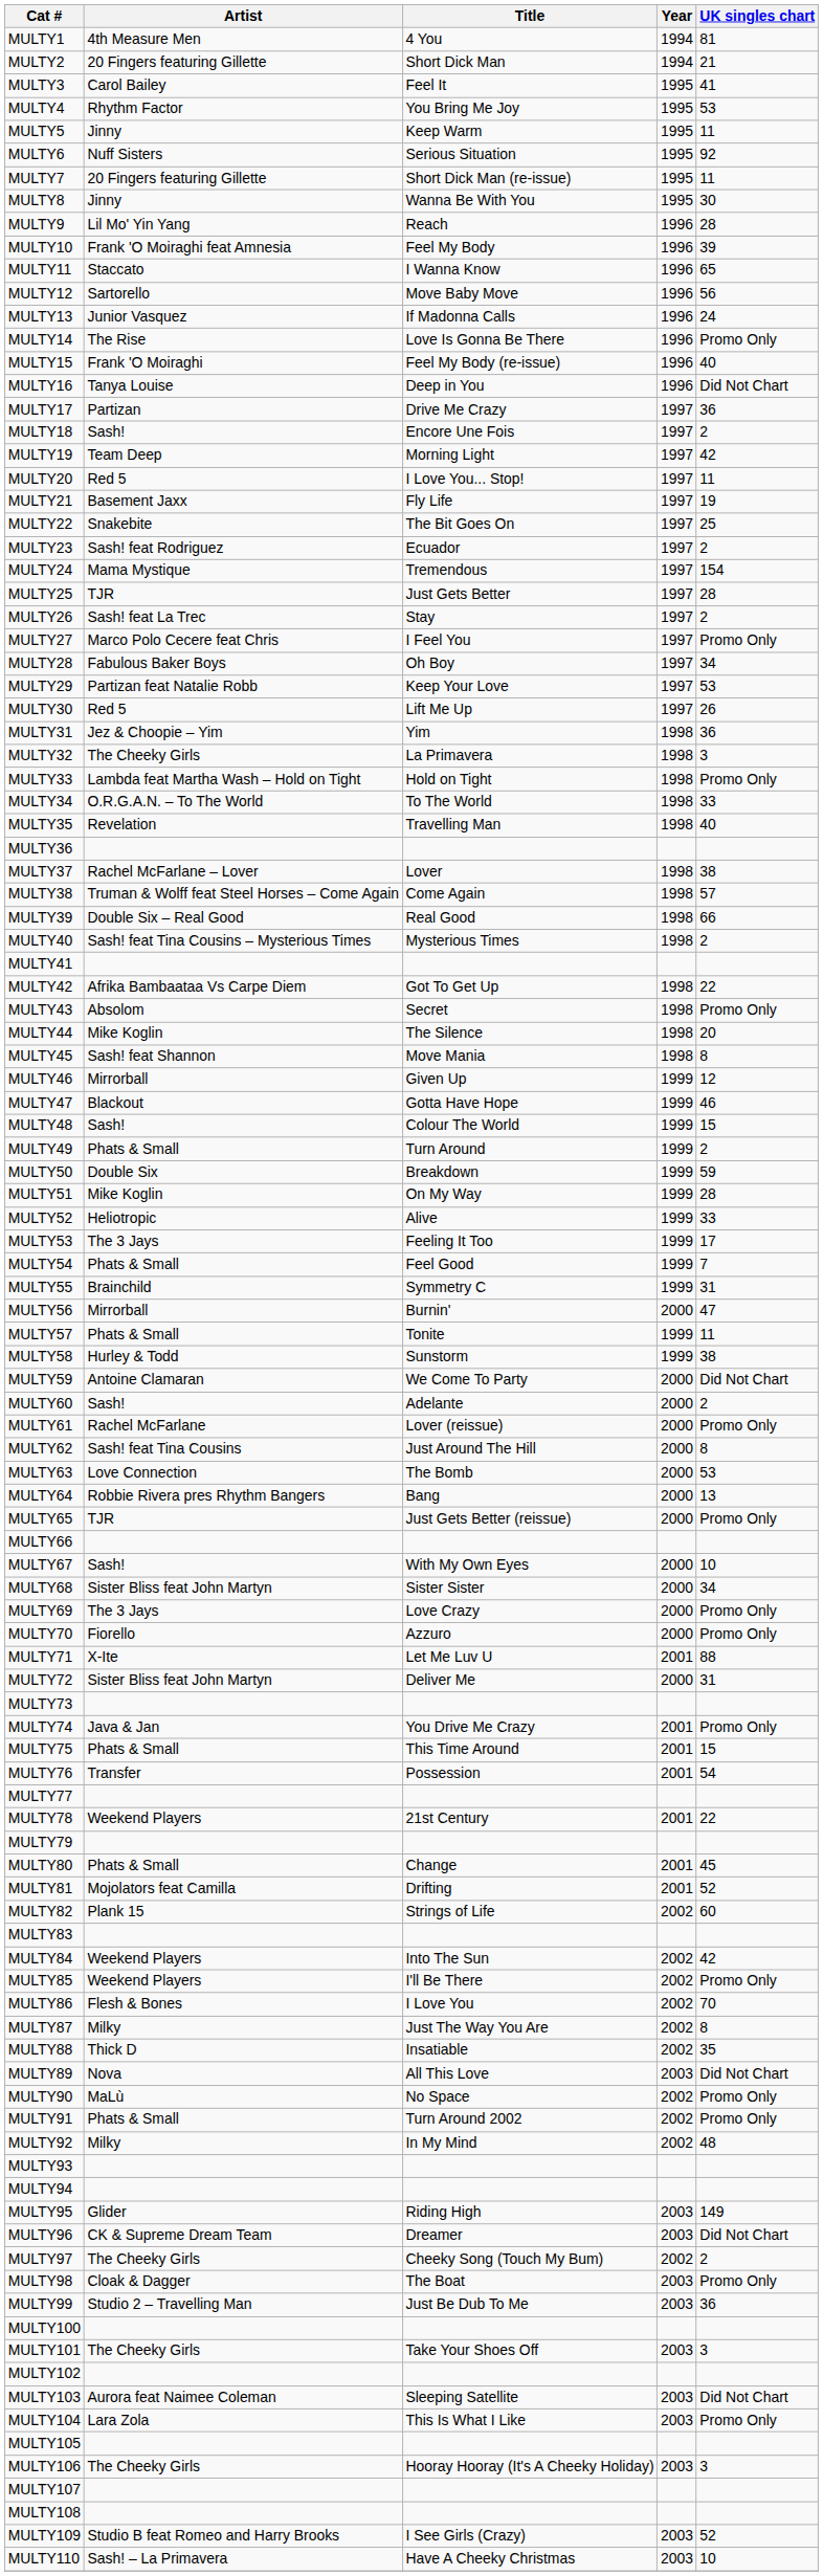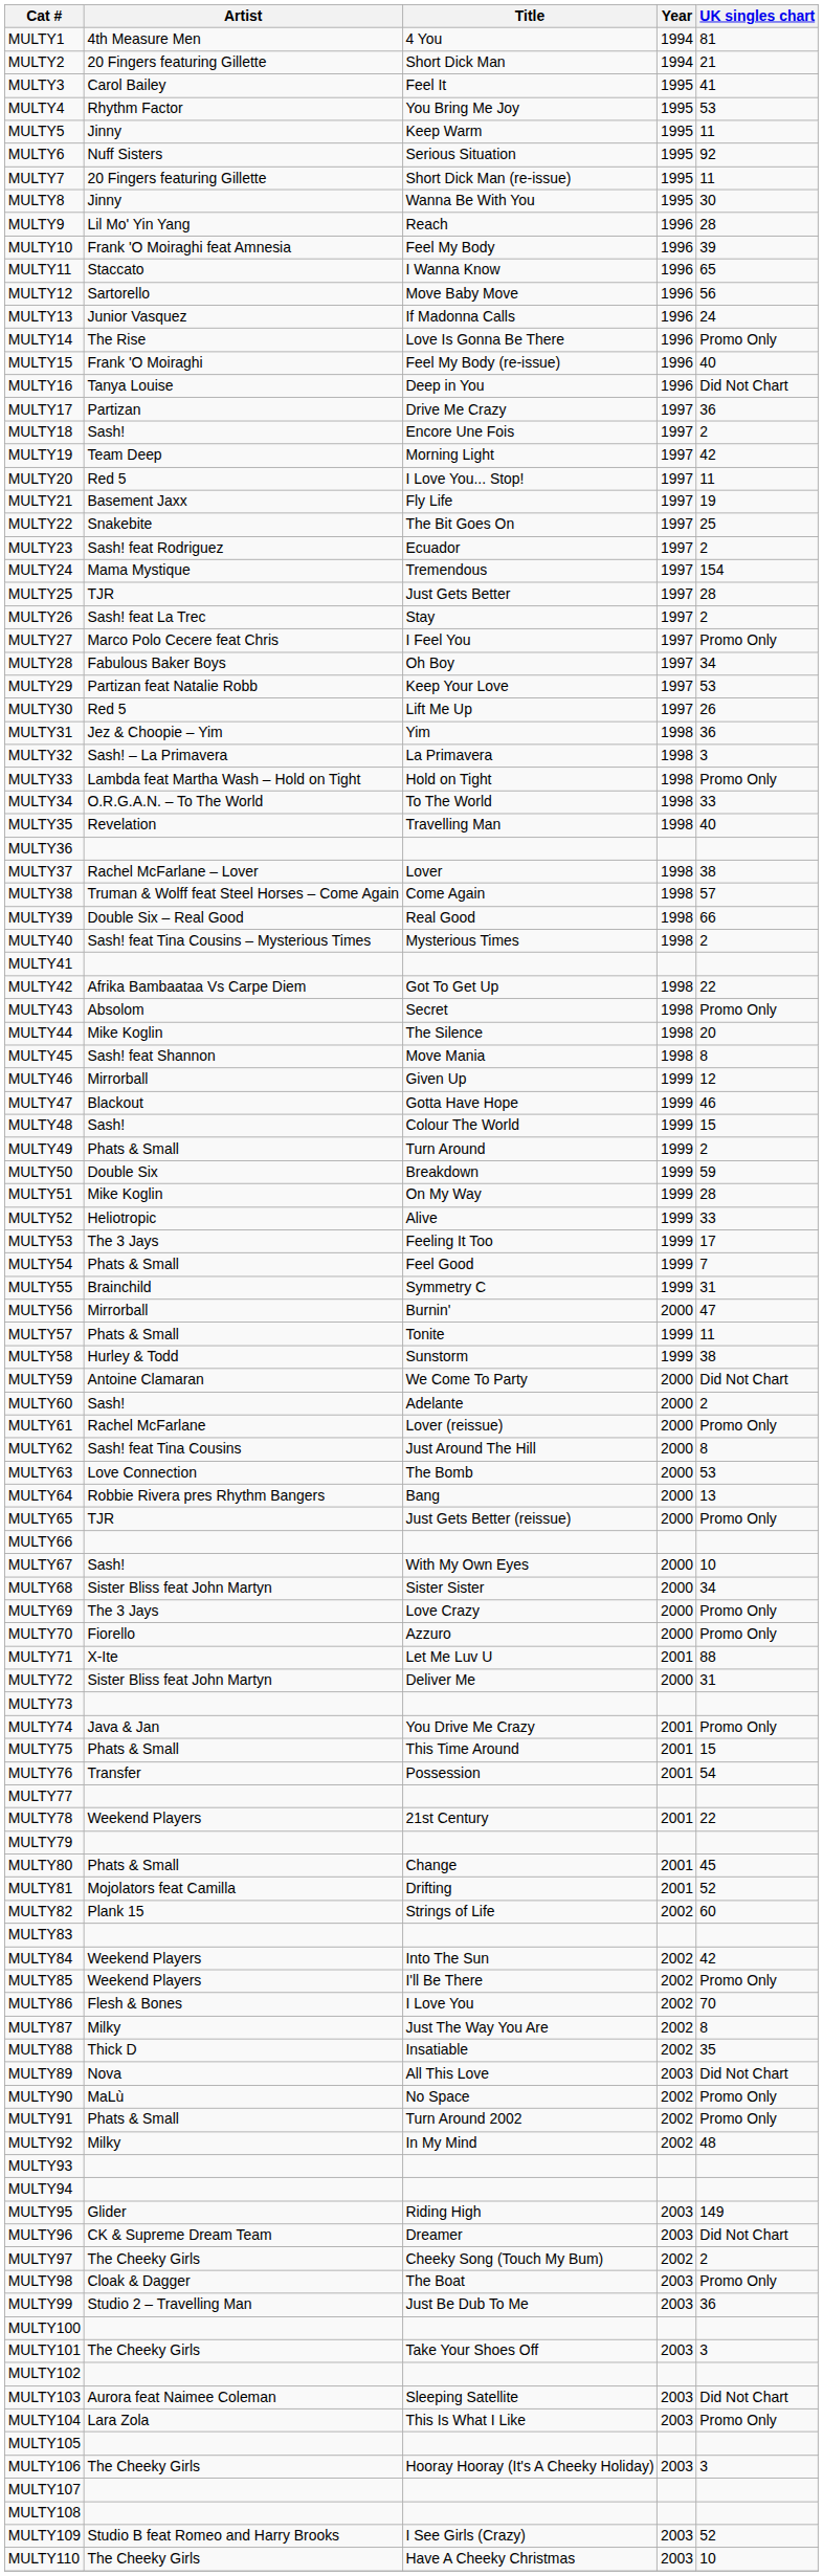 <table class="wikitable">
 <tr>
 <th>Cat #</th>
 <th>Artist</th>
 <th>Title</th>
 <th>Year</th>
 <th><a href='#'>UK singles chart</a></th>
 </tr>
 <tr>
 <td>MULTY1</td>
 <td>4th Measure Men</td>
 <td>4 You</td>
 <td>1994</td>
 <td>81</td>
 </tr>
 <tr>
 <td>MULTY2</td>
 <td>20 Fingers featuring Gillette</td>
 <td>Short Dick Man</td>
 <td>1994</td>
 <td>21</td>
 </tr>
 <tr>
 <td>MULTY3</td>
 <td>Carol Bailey</td>
 <td>Feel It</td>
 <td>1995</td>
 <td>41</td>
 </tr>
 <tr>
 <td>MULTY4</td>
 <td>Rhythm Factor</td>
 <td>You Bring Me Joy</td>
 <td>1995</td>
 <td>53</td>
 </tr>
 <tr>
 <td>MULTY5</td>
 <td>Jinny</td>
 <td>Keep Warm</td>
 <td>1995</td>
 <td>11</td>
 </tr>
 <tr>
 <td>MULTY6</td>
 <td>Nuff Sisters</td>
 <td>Serious Situation</td>
 <td>1995</td>
 <td>92</td>
 </tr>
 <tr>
 <td>MULTY7</td>
 <td>20 Fingers featuring Gillette</td>
 <td>Short Dick Man (re-issue)</td>
 <td>1995</td>
 <td>11</td>
 </tr>
 <tr>
 <td>MULTY8</td>
 <td>Jinny</td>
 <td>Wanna Be With You</td>
 <td>1995</td>
 <td>30</td>
 </tr>
 <tr>
 <td>MULTY9</td>
 <td>Lil Mo' Yin Yang</td>
 <td>Reach</td>
 <td>1996</td>
 <td>28</td>
 </tr>
 <tr>
 <td>MULTY10</td>
 <td>Frank 'O Moiraghi feat Amnesia</td>
 <td>Feel My Body</td>
 <td>1996</td>
 <td>39</td>
 </tr>
 <tr>
 <td>MULTY11</td>
 <td>Staccato</td>
 <td>I Wanna Know</td>
 <td>1996</td>
 <td>65</td>
 </tr>
 <tr>
 <td>MULTY12</td>
 <td>Sartorello</td>
 <td>Move Baby Move</td>
 <td>1996</td>
 <td>56</td>
 </tr>
 <tr>
 <td>MULTY13</td>
 <td>Junior Vasquez</td>
 <td>If Madonna Calls</td>
 <td>1996</td>
 <td>24</td>
 </tr>
 <tr>
 <td>MULTY14</td>
 <td>The Rise</td>
 <td>Love Is Gonna Be There</td>
 <td>1996</td>
 <td>Promo Only</td>
 </tr>
 <tr>
 <td>MULTY15</td>
 <td>Frank 'O Moiraghi</td>
 <td>Feel My Body (re-issue)</td>
 <td>1996</td>
 <td>40</td>
 </tr>
 <tr>
 <td>MULTY16</td>
 <td>Tanya Louise</td>
 <td>Deep in You</td>
 <td>1996</td>
 <td>Did Not Chart</td>
 </tr>
 <tr>
 <td>MULTY17</td>
 <td>Partizan</td>
 <td>Drive Me Crazy</td>
 <td>1997</td>
 <td>36</td>
 </tr>
 <tr>
 <td>MULTY18</td>
 <td>Sash!</td>
 <td>Encore Une Fois</td>
 <td>1997</td>
 <td>2</td>
 </tr>
 <tr>
 <td>MULTY19</td>
 <td>Team Deep</td>
 <td>Morning Light</td>
 <td>1997</td>
 <td>42</td>
 </tr>
 <tr>
 <td>MULTY20</td>
 <td>Red 5</td>
 <td>I Love You... Stop!</td>
 <td>1997</td>
 <td>11</td>
 </tr>
 <tr>
 <td>MULTY21</td>
 <td>Basement Jaxx</td>
 <td>Fly Life</td>
 <td>1997</td>
 <td>19</td>
 </tr>
 <tr>
 <td>MULTY22</td>
 <td>Snakebite</td>
 <td>The Bit Goes On</td>
 <td>1997</td>
 <td>25</td>
 </tr>
 <tr>
 <td>MULTY23</td>
 <td>Sash! feat Rodriguez</td>
 <td>Ecuador</td>
 <td>1997</td>
 <td>2</td>
 </tr>
 <tr>
 <td>MULTY24</td>
 <td>Mama Mystique</td>
 <td>Tremendous</td>
 <td>1997</td>
 <td>154</td>
 </tr>
 <tr>
 <td>MULTY25</td>
 <td>TJR</td>
 <td>Just Gets Better</td>
 <td>1997</td>
 <td>28</td>
 </tr>
 <tr>
 <td>MULTY26</td>
 <td>Sash! feat La Trec</td>
 <td>Stay</td>
 <td>1997</td>
 <td>2</td>
 </tr>
 <tr>
 <td>MULTY27</td>
 <td>Marco Polo Cecere feat Chris</td>
 <td>I Feel You</td>
 <td>1997</td>
 <td>Promo Only</td>
 </tr>
 <tr>
 <td>MULTY28</td>
 <td>Fabulous Baker Boys</td>
 <td>Oh Boy</td>
 <td>1997</td>
 <td>34</td>
 </tr>
 <tr>
 <td>MULTY29</td>
 <td>Partizan feat Natalie Robb</td>
 <td>Keep Your Love</td>
 <td>1997</td>
 <td>53</td>
 </tr>
 <tr>
 <td>MULTY30</td>
 <td>Red 5</td>
 <td>Lift Me Up</td>
 <td>1997</td>
 <td>26</td>
 </tr>
 <tr>
 <td>MULTY31</td>
 <td>Jez & Choopie – Yim</td>
 <td>Yim</td>
 <td>1998</td>
 <td>36</td>
 </tr>
 <tr>
 <td>MULTY32</td>
-<td>The Cheeky Girls</td>
+<td>Sash! – La Primavera</td>
 <td>La Primavera</td>
 <td>1998</td>
 <td>3</td>
 </tr>
 <tr>
 <td>MULTY33</td>
 <td>Lambda feat Martha Wash – Hold on Tight</td>
 <td>Hold on Tight</td>
 <td>1998</td>
 <td>Promo Only</td>
 </tr>
 <tr>
 <td>MULTY34</td>
 <td>O.R.G.A.N. – To The World</td>
 <td>To The World</td>
 <td>1998</td>
 <td>33</td>
 </tr>
 <tr>
 <td>MULTY35</td>
 <td>Revelation</td>
 <td>Travelling Man</td>
 <td>1998</td>
 <td>40</td>
 </tr>
 <tr>
 <td>MULTY36</td>
 <td></td>
 <td></td>
 <td></td>
 <td></td>
 </tr>
 <tr>
 <td>MULTY37</td>
 <td>Rachel McFarlane – Lover</td>
 <td>Lover</td>
 <td>1998</td>
 <td>38</td>
 </tr>
 <tr>
 <td>MULTY38</td>
 <td>Truman & Wolff feat Steel Horses – Come Again</td>
 <td>Come Again</td>
 <td>1998</td>
 <td>57</td>
 </tr>
 <tr>
 <td>MULTY39</td>
 <td>Double Six – Real Good</td>
 <td>Real Good</td>
 <td>1998</td>
 <td>66</td>
 </tr>
 <tr>
 <td>MULTY40</td>
 <td>Sash! feat Tina Cousins – Mysterious Times</td>
 <td>Mysterious Times</td>
 <td>1998</td>
 <td>2</td>
 </tr>
 <tr>
 <td>MULTY41</td>
 <td></td>
 <td></td>
 <td></td>
 <td></td>
 </tr>
 <tr>
 <td>MULTY42</td>
 <td>Afrika Bambaataa Vs Carpe Diem</td>
 <td>Got To Get Up</td>
 <td>1998</td>
 <td>22</td>
 </tr>
 <tr>
 <td>MULTY43</td>
 <td>Absolom</td>
 <td>Secret</td>
 <td>1998</td>
 <td>Promo Only</td>
 </tr>
 <tr>
 <td>MULTY44</td>
 <td>Mike Koglin</td>
 <td>The Silence</td>
 <td>1998</td>
 <td>20</td>
 </tr>
 <tr>
 <td>MULTY45</td>
 <td>Sash! feat Shannon</td>
 <td>Move Mania</td>
 <td>1998</td>
 <td>8</td>
 </tr>
 <tr>
 <td>MULTY46</td>
 <td>Mirrorball</td>
 <td>Given Up</td>
 <td>1999</td>
 <td>12</td>
 </tr>
 <tr>
 <td>MULTY47</td>
 <td>Blackout</td>
 <td>Gotta Have Hope</td>
 <td>1999</td>
 <td>46</td>
 </tr>
 <tr>
 <td>MULTY48</td>
 <td>Sash!</td>
 <td>Colour The World</td>
 <td>1999</td>
 <td>15</td>
 </tr>
 <tr>
 <td>MULTY49</td>
 <td>Phats & Small</td>
 <td>Turn Around</td>
 <td>1999</td>
 <td>2</td>
 </tr>
 <tr>
 <td>MULTY50</td>
 <td>Double Six</td>
 <td>Breakdown</td>
 <td>1999</td>
 <td>59</td>
 </tr>
 <tr>
 <td>MULTY51</td>
 <td>Mike Koglin</td>
 <td>On My Way</td>
 <td>1999</td>
 <td>28</td>
 </tr>
 <tr>
 <td>MULTY52</td>
 <td>Heliotropic</td>
 <td>Alive</td>
 <td>1999</td>
 <td>33</td>
 </tr>
 <tr>
 <td>MULTY53</td>
 <td>The 3 Jays</td>
 <td>Feeling It Too</td>
 <td>1999</td>
 <td>17</td>
 </tr>
 <tr>
 <td>MULTY54</td>
 <td>Phats & Small</td>
 <td>Feel Good</td>
 <td>1999</td>
 <td>7</td>
 </tr>
 <tr>
 <td>MULTY55</td>
 <td>Brainchild</td>
 <td>Symmetry C</td>
 <td>1999</td>
 <td>31</td>
 </tr>
 <tr>
 <td>MULTY56</td>
 <td>Mirrorball</td>
 <td>Burnin'</td>
 <td>2000</td>
 <td>47</td>
 </tr>
 <tr>
 <td>MULTY57</td>
 <td>Phats & Small</td>
 <td>Tonite</td>
 <td>1999</td>
 <td>11</td>
 </tr>
 <tr>
 <td>MULTY58</td>
 <td>Hurley & Todd</td>
 <td>Sunstorm</td>
 <td>1999</td>
 <td>38</td>
 </tr>
 <tr>
 <td>MULTY59</td>
 <td>Antoine Clamaran</td>
 <td>We Come To Party</td>
 <td>2000</td>
 <td>Did Not Chart</td>
 </tr>
 <tr>
 <td>MULTY60</td>
 <td>Sash!</td>
 <td>Adelante</td>
 <td>2000</td>
 <td>2</td>
 </tr>
 <tr>
 <td>MULTY61</td>
 <td>Rachel McFarlane</td>
 <td>Lover (reissue)</td>
 <td>2000</td>
 <td>Promo Only</td>
 </tr>
 <tr>
 <td>MULTY62</td>
 <td>Sash! feat Tina Cousins</td>
 <td>Just Around The Hill</td>
 <td>2000</td>
 <td>8</td>
 </tr>
 <tr>
 <td>MULTY63</td>
 <td>Love Connection</td>
 <td>The Bomb</td>
 <td>2000</td>
 <td>53</td>
 </tr>
 <tr>
 <td>MULTY64</td>
 <td>Robbie Rivera pres Rhythm Bangers</td>
 <td>Bang</td>
 <td>2000</td>
 <td>13</td>
 </tr>
 <tr>
 <td>MULTY65</td>
 <td>TJR</td>
 <td>Just Gets Better (reissue)</td>
 <td>2000</td>
 <td>Promo Only</td>
 </tr>
 <tr>
 <td>MULTY66</td>
 <td></td>
 <td></td>
 <td></td>
 <td></td>
 </tr>
 <tr>
 <td>MULTY67</td>
 <td>Sash!</td>
 <td>With My Own Eyes</td>
 <td>2000</td>
 <td>10</td>
 </tr>
 <tr>
 <td>MULTY68</td>
 <td>Sister Bliss feat John Martyn</td>
 <td>Sister Sister</td>
 <td>2000</td>
 <td>34</td>
 </tr>
 <tr>
 <td>MULTY69</td>
 <td>The 3 Jays</td>
 <td>Love Crazy</td>
 <td>2000</td>
 <td>Promo Only</td>
 </tr>
 <tr>
 <td>MULTY70</td>
 <td>Fiorello</td>
 <td>Azzuro</td>
 <td>2000</td>
 <td>Promo Only</td>
 </tr>
 <tr>
 <td>MULTY71</td>
 <td>X-Ite</td>
 <td>Let Me Luv U</td>
 <td>2001</td>
 <td>88</td>
 </tr>
 <tr>
 <td>MULTY72</td>
 <td>Sister Bliss feat John Martyn</td>
 <td>Deliver Me</td>
 <td>2000</td>
 <td>31</td>
 </tr>
 <tr>
 <td>MULTY73</td>
 <td></td>
 <td></td>
 <td></td>
 <td></td>
 </tr>
 <tr>
 <td>MULTY74</td>
 <td>Java & Jan</td>
 <td>You Drive Me Crazy</td>
 <td>2001</td>
 <td>Promo Only</td>
 </tr>
 <tr>
 <td>MULTY75</td>
 <td>Phats & Small</td>
 <td>This Time Around</td>
 <td>2001</td>
 <td>15</td>
 </tr>
 <tr>
 <td>MULTY76</td>
 <td>Transfer</td>
 <td>Possession</td>
 <td>2001</td>
 <td>54</td>
 </tr>
 <tr>
 <td>MULTY77</td>
 <td></td>
 <td></td>
 <td></td>
 <td></td>
 </tr>
 <tr>
 <td>MULTY78</td>
 <td>Weekend Players</td>
 <td>21st Century</td>
 <td>2001</td>
 <td>22</td>
 </tr>
 <tr>
 <td>MULTY79</td>
 <td></td>
 <td></td>
 <td></td>
 <td></td>
 </tr>
 <tr>
 <td>MULTY80</td>
 <td>Phats & Small</td>
 <td>Change</td>
 <td>2001</td>
 <td>45</td>
 </tr>
 <tr>
 <td>MULTY81</td>
 <td>Mojolators feat Camilla</td>
 <td>Drifting</td>
 <td>2001</td>
 <td>52</td>
 </tr>
 <tr>
 <td>MULTY82</td>
 <td>Plank 15</td>
 <td>Strings of Life</td>
 <td>2002</td>
 <td>60</td>
 </tr>
 <tr>
 <td>MULTY83</td>
 <td></td>
 <td></td>
 <td></td>
 <td></td>
 </tr>
 <tr>
 <td>MULTY84</td>
 <td>Weekend Players</td>
 <td>Into The Sun</td>
 <td>2002</td>
 <td>42</td>
 </tr>
 <tr>
 <td>MULTY85</td>
 <td>Weekend Players</td>
 <td>I'll Be There</td>
 <td>2002</td>
 <td>Promo Only</td>
 </tr>
 <tr>
 <td>MULTY86</td>
 <td>Flesh & Bones</td>
 <td>I Love You</td>
 <td>2002</td>
 <td>70</td>
 </tr>
 <tr>
 <td>MULTY87</td>
 <td>Milky</td>
 <td>Just The Way You Are</td>
 <td>2002</td>
 <td>8</td>
 </tr>
 <tr>
 <td>MULTY88</td>
 <td>Thick D</td>
 <td>Insatiable</td>
 <td>2002</td>
 <td>35</td>
 </tr>
 <tr>
 <td>MULTY89</td>
 <td>Nova</td>
 <td>All This Love</td>
 <td>2003</td>
 <td>Did Not Chart</td>
 </tr>
 <tr>
 <td>MULTY90</td>
 <td>MaLù</td>
 <td>No Space</td>
 <td>2002</td>
 <td>Promo Only</td>
 </tr>
 <tr>
 <td>MULTY91</td>
 <td>Phats & Small</td>
 <td>Turn Around 2002</td>
 <td>2002</td>
 <td>Promo Only</td>
 </tr>
 <tr>
 <td>MULTY92</td>
 <td>Milky</td>
 <td>In My Mind</td>
 <td>2002</td>
 <td>48</td>
 </tr>
 <tr>
 <td>MULTY93</td>
 <td></td>
 <td></td>
 <td></td>
 <td></td>
 </tr>
 <tr>
 <td>MULTY94</td>
 <td></td>
 <td></td>
 <td></td>
 <td></td>
 </tr>
 <tr>
 <td>MULTY95</td>
 <td>Glider</td>
 <td>Riding High</td>
 <td>2003</td>
 <td>149</td>
 </tr>
 <tr>
 <td>MULTY96</td>
 <td>CK & Supreme Dream Team</td>
 <td>Dreamer</td>
 <td>2003</td>
 <td>Did Not Chart</td>
 </tr>
 <tr>
 <td>MULTY97</td>
 <td>The Cheeky Girls</td>
 <td>Cheeky Song (Touch My Bum)</td>
 <td>2002</td>
 <td>2</td>
 </tr>
 <tr>
 <td>MULTY98</td>
 <td>Cloak & Dagger</td>
 <td>The Boat</td>
 <td>2003</td>
 <td>Promo Only</td>
 </tr>
 <tr>
 <td>MULTY99</td>
 <td>Studio 2 – Travelling Man</td>
 <td>Just Be Dub To Me</td>
 <td>2003</td>
 <td>36</td>
 </tr>
 <tr>
 <td>MULTY100</td>
 <td></td>
 <td></td>
 <td></td>
 <td></td>
 </tr>
 <tr>
 <td>MULTY101</td>
 <td>The Cheeky Girls</td>
 <td>Take Your Shoes Off</td>
 <td>2003</td>
 <td>3</td>
 </tr>
 <tr>
 <td>MULTY102</td>
 <td></td>
 <td></td>
 <td></td>
 <td></td>
 </tr>
 <tr>
 <td>MULTY103</td>
 <td>Aurora feat Naimee Coleman</td>
 <td>Sleeping Satellite</td>
 <td>2003</td>
 <td>Did Not Chart</td>
 </tr>
 <tr>
 <td>MULTY104</td>
 <td>Lara Zola</td>
 <td>This Is What I Like</td>
 <td>2003</td>
 <td>Promo Only</td>
 </tr>
 <tr>
 <td>MULTY105</td>
 <td></td>
 <td></td>
 <td></td>
 <td></td>
 </tr>
 <tr>
 <td>MULTY106</td>
 <td>The Cheeky Girls</td>
 <td>Hooray Hooray (It's A Cheeky Holiday)</td>
 <td>2003</td>
 <td>3</td>
 </tr>
 <tr>
 <td>MULTY107</td>
 <td></td>
 <td></td>
 <td></td>
 <td></td>
 </tr>
 <tr>
 <td>MULTY108</td>
 <td></td>
 <td></td>
 <td></td>
 <td></td>
 </tr>
 <tr>
 <td>MULTY109</td>
 <td>Studio B feat Romeo and Harry Brooks</td>
 <td>I See Girls (Crazy)</td>
 <td>2003</td>
 <td>52</td>
 </tr>
 <tr>
 <td>MULTY110</td>
-<td>Sash! – La Primavera</td>
+<td>The Cheeky Girls</td>
 <td>Have A Cheeky Christmas</td>
 <td>2003</td>
 <td>10</td>
 </tr>
 <tr>
 </tr>
 </table>
